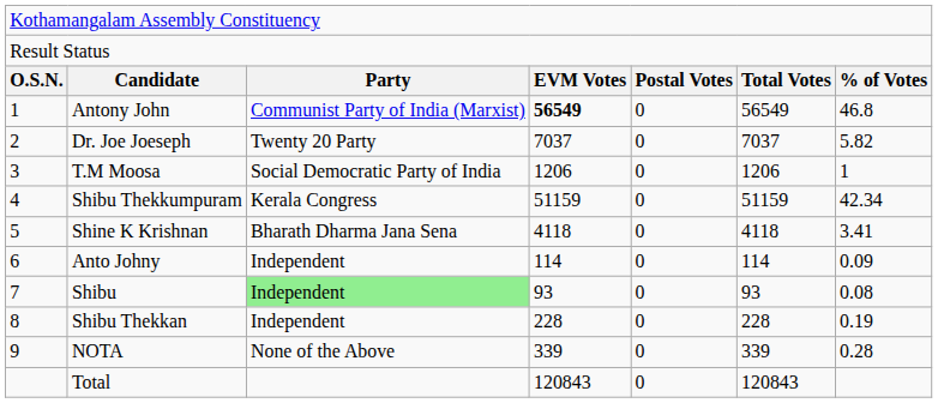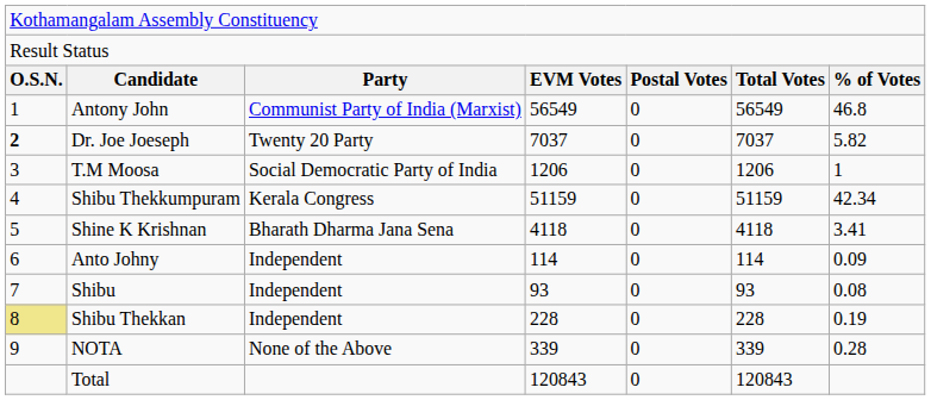 <table class="wikitable">
 <tr>
 <td colspan="7"><a href='#'>Kothamangalam Assembly Constituency</a></td>
 </tr>
 <tr>
 <td colspan="7">Result Status</td>
 </tr>
 <tr>
 <th>O.S.N.</th>
 <th>Candidate</th>
 <th>Party</th>
 <th>EVM Votes</th>
 <th>Postal Votes</th>
 <th>Total Votes</th>
 <th>% of Votes</th>
 </tr>
 <tr>
 <td>1</td>
 <td>Antony John</td>
 <td><a href='#'>Communist Party of India (Marxist)</a></td>
-<td><strong>56549</strong></td>
+<td>56549</td>
 <td>0</td>
 <td>56549</td>
 <td>46.8</td>
 </tr>
 <tr>
-<td>2</td>
+<td><strong>2</strong></td>
 <td>Dr. Joe Joeseph</td>
 <td>Twenty 20 Party</td>
 <td>7037</td>
 <td>0</td>
 <td>7037</td>
 <td>5.82</td>
 </tr>
 <tr>
 <td>3</td>
 <td>T.M Moosa</td>
 <td>Social Democratic Party of India</td>
 <td>1206</td>
 <td>0</td>
 <td>1206</td>
 <td>1</td>
 </tr>
 <tr>
 <td>4</td>
 <td>Shibu Thekkumpuram</td>
 <td>Kerala Congress</td>
 <td>51159</td>
 <td>0</td>
 <td>51159</td>
 <td>42.34</td>
 </tr>
 <tr>
 <td>5</td>
 <td>Shine K Krishnan</td>
 <td>Bharath Dharma Jana Sena</td>
 <td>4118</td>
 <td>0</td>
 <td>4118</td>
 <td>3.41</td>
 </tr>
 <tr>
 <td>6</td>
 <td>Anto Johny</td>
 <td>Independent</td>
 <td>114</td>
 <td>0</td>
 <td>114</td>
 <td>0.09</td>
 </tr>
 <tr>
 <td>7</td>
 <td>Shibu</td>
-<td style="background: lightgreen;">Independent</td>
+<td>Independent</td>
 <td>93</td>
 <td>0</td>
 <td>93</td>
 <td>0.08</td>
 </tr>
 <tr>
-<td>8</td>
+<td style="background: khaki;">8</td>
 <td>Shibu Thekkan</td>
 <td>Independent</td>
 <td>228</td>
 <td>0</td>
 <td>228</td>
 <td>0.19</td>
 </tr>
 <tr>
 <td>9</td>
 <td>NOTA</td>
 <td>None of the Above</td>
 <td>339</td>
 <td>0</td>
 <td>339</td>
 <td>0.28</td>
 </tr>
 <tr>
 <td></td>
 <td>Total</td>
 <td></td>
 <td>120843</td>
 <td>0</td>
 <td>120843</td>
 <td></td>
 </tr>
 </table>
